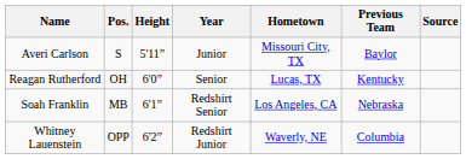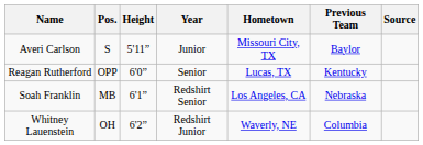 <table class="wikitable sortable" border="1">
 <tr>
 <th style="text-align:center; ">Name</th>
 <th style="text-align:center; ">Pos.</th>
 <th style="text-align:center; ">Height</th>
 <th style="text-align:center; ">Year</th>
 <th style="text-align:center; ">Hometown</th>
 <th style="text-align:center; ">Previous Team</th>
 <th style="text-align:center; ">Source</th>
 </tr>
 <tr align="center">
 <td>Averi Carlson</td>
 <td>S</td>
 <td>5'11”</td>
 <td>Junior</td>
 <td><a href='#'>Missouri City, TX</a></td>
 <td><a href='#'>Baylor</a></td>
 <td></td>
 </tr>
 <tr align="center">
 <td>Reagan Rutherford</td>
-<td>OH</td>
+<td>OPP</td>
 <td>6'0”</td>
 <td>Senior</td>
 <td><a href='#'>Lucas, TX</a></td>
 <td><a href='#'>Kentucky</a></td>
 <td></td>
 </tr>
 <tr align="center">
 <td>Soah Franklin</td>
 <td>MB</td>
 <td>6'1”</td>
 <td>Redshirt Senior</td>
 <td><a href='#'>Los Angeles, CA</a></td>
 <td><a href='#'>Nebraska</a></td>
 <td></td>
 </tr>
 <tr align="center">
 <td>Whitney Lauenstein</td>
-<td>OPP</td>
+<td>OH</td>
 <td>6'2”</td>
 <td>Redshirt Junior</td>
 <td><a href='#'>Waverly, NE</a></td>
 <td><a href='#'>Columbia</a></td>
 <td></td>
 </tr>
 </table>
